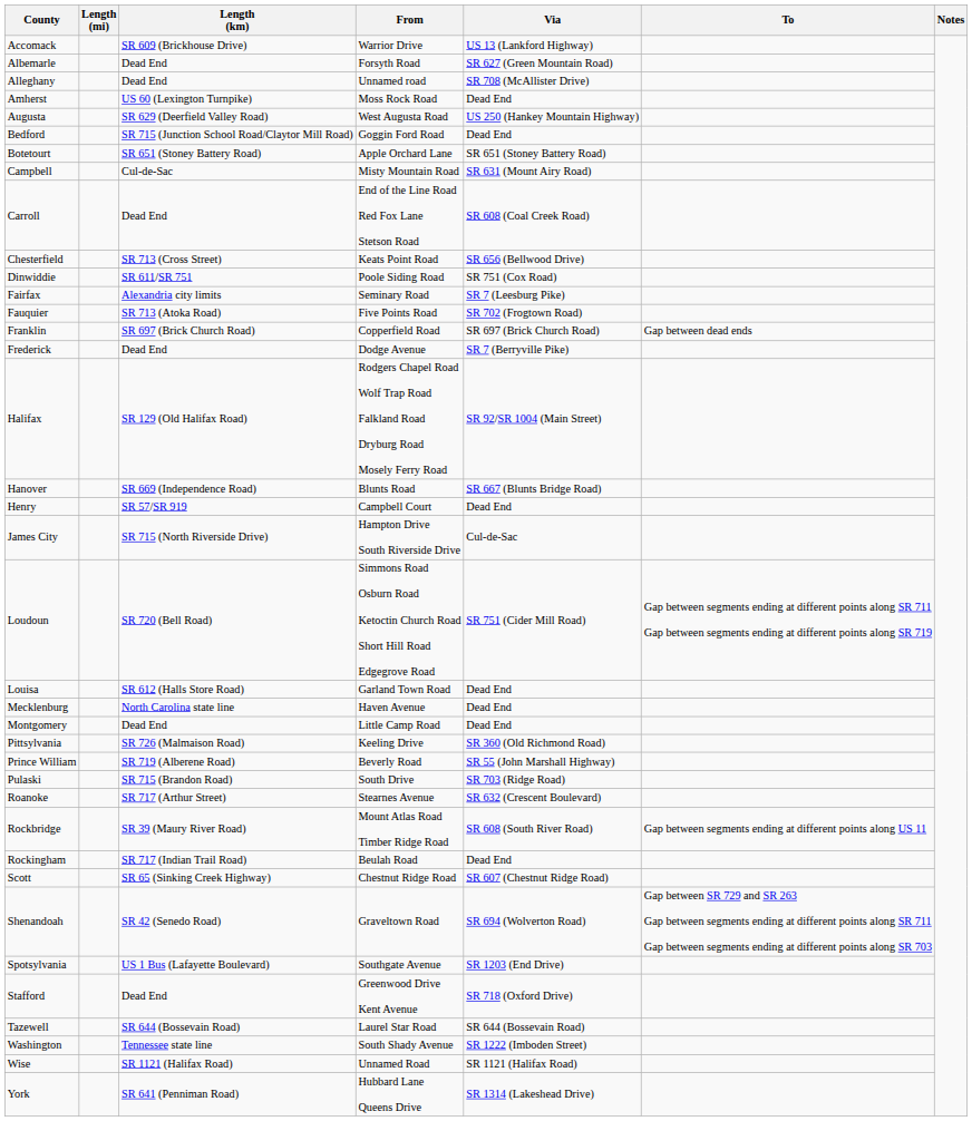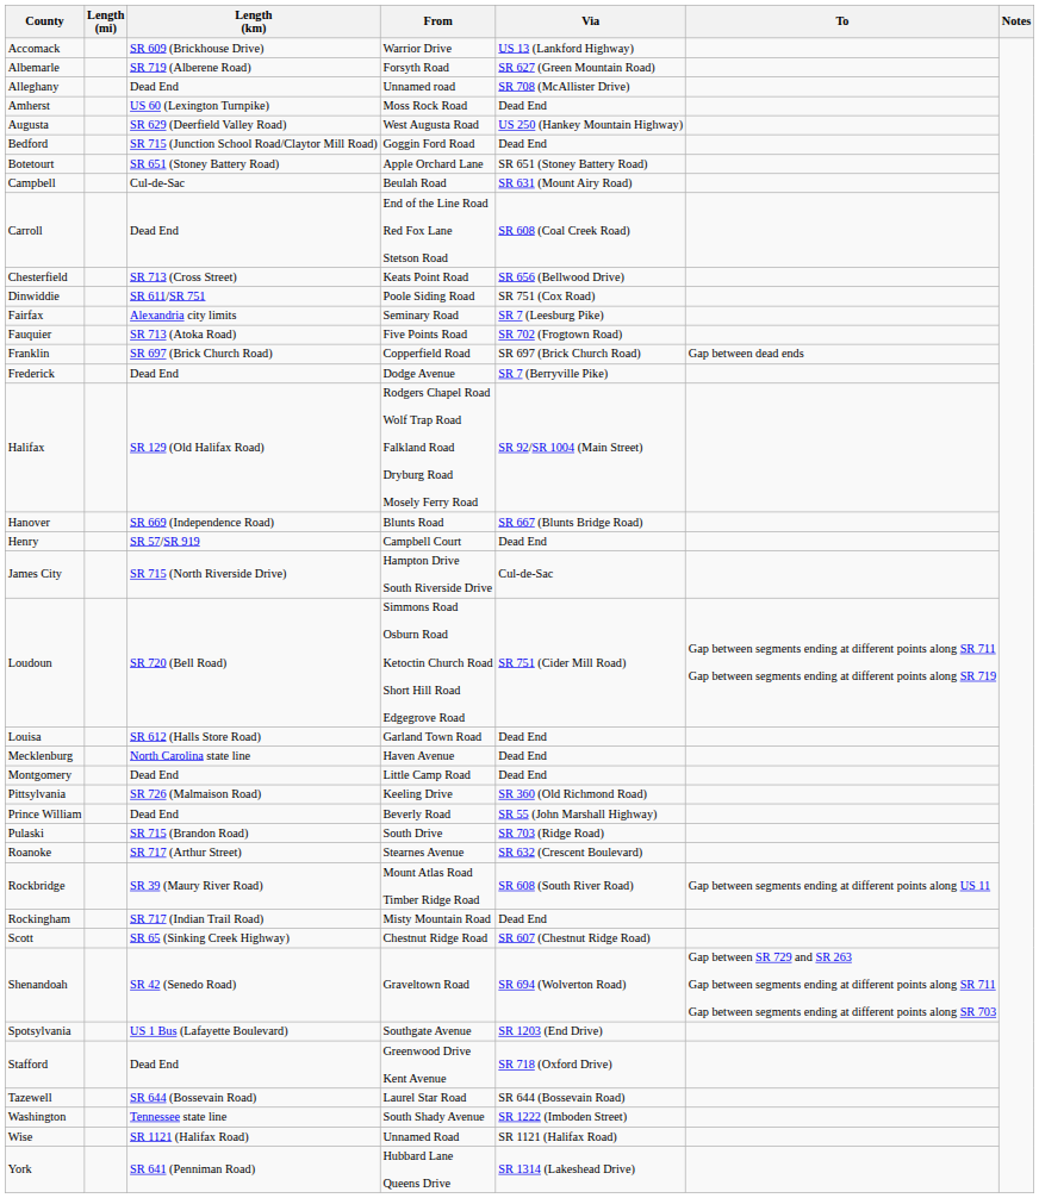 <table class="wikitable sortable">
 <tr>
 <th>County</th>
 <th>Length<br>(mi)</th>
 <th>Length<br>(km)</th>
 <th class="unsortable">From</th>
 <th class="unsortable">Via</th>
 <th class="unsortable">To</th>
 <th class="unsortable">Notes</th>
 </tr>
 <tr>
 <td id="Accomack">Accomack</td>
 <td></td>
 <td><a href='#'>SR 609</a> (Brickhouse Drive)</td>
 <td>Warrior Drive</td>
 <td><a href='#'>US 13</a> (Lankford Highway)</td>
 <td></td>
 </tr>
 <tr>
 <td id="Albemarle">Albemarle</td>
 <td></td>
-<td>Dead End</td>
+<td><a href='#'>SR 719</a> (Alberene Road)</td>
 <td>Forsyth Road</td>
 <td><a href='#'>SR 627</a> (Green Mountain Road)</td>
 <td></td>
 </tr>
 <tr>
 <td id="Alleghany">Alleghany</td>
 <td></td>
 <td>Dead End</td>
 <td>Unnamed road</td>
 <td><a href='#'>SR 708</a> (McAllister Drive)</td>
 <td><br></td>
 </tr>
 <tr>
 <td id="Amherst">Amherst</td>
 <td></td>
 <td><a href='#'>US 60</a> (Lexington Turnpike)</td>
 <td>Moss Rock Road</td>
 <td>Dead End</td>
 <td><br> </td>
 </tr>
 <tr>
 <td id="Augusta">Augusta</td>
 <td></td>
 <td><a href='#'>SR 629</a> (Deerfield Valley Road)</td>
 <td>West Augusta Road</td>
 <td><a href='#'>US 250</a> (Hankey Mountain Highway)</td>
 <td><br></td>
 </tr>
 <tr>
 <td id="Bedford">Bedford</td>
 <td></td>
 <td><a href='#'>SR 715</a> (Junction School Road/Claytor Mill Road)</td>
 <td>Goggin Ford Road</td>
 <td>Dead End</td>
 <td><br></td>
 </tr>
 <tr>
 <td id="Botetourt">Botetourt</td>
 <td></td>
 <td><a href='#'>SR 651</a> (Stoney Battery Road)</td>
 <td>Apple Orchard Lane</td>
 <td>SR 651 (Stoney Battery Road)</td>
 <td><br>  </td>
 </tr>
 <tr>
 <td id="Campbell">Campbell</td>
 <td></td>
 <td>Cul-de-Sac</td>
-<td>Misty Mountain Road</td>
+<td>Beulah Road</td>
 <td><a href='#'>SR 631</a> (Mount Airy Road)</td>
 <td><br></td>
 </tr>
 <tr>
 <td id="Carroll">Carroll</td>
 <td></td>
 <td>Dead End</td>
 <td>End of the Line Road<br><br>Red Fox Lane<br><br>Stetson Road</td>
 <td><a href='#'>SR 608</a> (Coal Creek Road)</td>
 <td><br> </td>
 </tr>
 <tr>
 <td id="Chesterfield">Chesterfield</td>
 <td></td>
 <td><a href='#'>SR 713</a> (Cross Street)</td>
 <td>Keats Point Road</td>
 <td><a href='#'>SR 656</a> (Bellwood Drive)</td>
 <td><br>    </td>
 </tr>
 <tr>
 <td id="Dinwiddie">Dinwiddie</td>
 <td></td>
 <td><a href='#'>SR 611</a>/<a href='#'>SR 751</a></td>
 <td>Poole Siding Road</td>
 <td>SR 751 (Cox Road)</td>
 <td><br></td>
 </tr>
 <tr>
 <td id="Fairfax">Fairfax</td>
 <td></td>
 <td><a href='#'>Alexandria</a> city limits</td>
 <td>Seminary Road</td>
 <td><a href='#'>SR 7</a> (Leesburg Pike)</td>
 <td></td>
 </tr>
 <tr>
 <td id="Fauquier">Fauquier</td>
 <td></td>
 <td><a href='#'>SR 713</a> (Atoka Road)</td>
 <td>Five Points Road</td>
 <td><a href='#'>SR 702</a> (Frogtown Road)</td>
 <td><br> </td>
 </tr>
 <tr>
 <td id="Franklin">Franklin</td>
 <td></td>
 <td><a href='#'>SR 697</a> (Brick Church Road)</td>
 <td>Copperfield Road</td>
 <td>SR 697 (Brick Church Road)</td>
 <td>Gap between dead ends</td>
 </tr>
 <tr>
 <td id="Frederick">Frederick</td>
 <td></td>
 <td>Dead End</td>
 <td>Dodge Avenue</td>
 <td><a href='#'>SR 7</a> (Berryville Pike)</td>
 <td><br>     </td>
 </tr>
 <tr>
 <td id="Halifax">Halifax</td>
 <td></td>
 <td><a href='#'>SR 129</a> (Old Halifax Road)</td>
 <td>Rodgers Chapel Road<br><br>Wolf Trap Road<br><br>Falkland Road<br><br>Dryburg Road<br><br>Mosely Ferry Road</td>
 <td><a href='#'>SR 92</a>/<a href='#'>SR 1004</a> (Main Street)</td>
 <td></td>
 </tr>
 <tr>
 <td id="Hanover">Hanover</td>
 <td></td>
 <td><a href='#'>SR 669</a> (Independence Road)</td>
 <td>Blunts Road</td>
 <td><a href='#'>SR 667</a> (Blunts Bridge Road)</td>
 <td><br></td>
 </tr>
 <tr>
 <td id="Henry">Henry</td>
 <td></td>
 <td><a href='#'>SR 57</a>/<a href='#'>SR 919</a></td>
 <td>Campbell Court</td>
 <td>Dead End</td>
 <td><br> </td>
 </tr>
 <tr>
 <td id="James City">James City</td>
 <td></td>
 <td><a href='#'>SR 715</a> (North Riverside Drive)</td>
 <td>Hampton Drive<br><br>South Riverside Drive</td>
 <td>Cul-de-Sac</td>
 <td><br>    </td>
 </tr>
 <tr>
 <td id="Loudoun">Loudoun</td>
 <td></td>
 <td><a href='#'>SR 720</a> (Bell Road)</td>
 <td>Simmons Road<br><br>Osburn Road<br><br>Ketoctin Church Road<br><br>Short Hill Road<br><br>Edgegrove Road</td>
 <td><a href='#'>SR 751</a> (Cider Mill Road)</td>
 <td>Gap between segments ending at different points along <a href='#'>SR 711</a><br><br>Gap between segments ending at different points along <a href='#'>SR 719</a></td>
 </tr>
 <tr>
 <td id="Louisa">Louisa</td>
 <td></td>
 <td><a href='#'>SR 612</a> (Halls Store Road)</td>
 <td>Garland Town Road</td>
 <td>Dead End</td>
 <td><br>  </td>
 </tr>
 <tr>
 <td id="Mecklenburg">Mecklenburg</td>
 <td></td>
 <td><a href='#'>North Carolina</a> state line</td>
 <td>Haven Avenue</td>
 <td>Dead End</td>
 <td><br></td>
 </tr>
 <tr>
 <td id="Montgomery">Montgomery</td>
 <td></td>
 <td>Dead End</td>
 <td>Little Camp Road</td>
 <td>Dead End</td>
 <td><br>       </td>
 </tr>
 <tr>
 <td id="Pittsylvania">Pittsylvania</td>
 <td></td>
 <td><a href='#'>SR 726</a> (Malmaison Road)</td>
 <td>Keeling Drive</td>
 <td><a href='#'>SR 360</a> (Old Richmond Road)</td>
 <td><br>  </td>
 </tr>
 <tr>
 <td id="Prince William">Prince William</td>
 <td></td>
-<td><a href='#'>SR 719</a> (Alberene Road)</td>
+<td>Dead End</td>
 <td>Beverly Road</td>
 <td><a href='#'>SR 55</a> (John Marshall Highway)</td>
 <td></td>
 </tr>
 <tr>
 <td id="Pulaski">Pulaski</td>
 <td></td>
 <td><a href='#'>SR 715</a> (Brandon Road)</td>
 <td>South Drive</td>
 <td><a href='#'>SR 703</a> (Ridge Road)</td>
 <td><br> </td>
 </tr>
 <tr>
 <td id="Roanoke">Roanoke</td>
 <td></td>
 <td><a href='#'>SR 717</a> (Arthur Street)</td>
 <td>Stearnes Avenue</td>
 <td><a href='#'>SR 632</a> (Crescent Boulevard)</td>
 <td></td>
 </tr>
 <tr>
 <td id="Rockbridge">Rockbridge</td>
 <td></td>
 <td><a href='#'>SR 39</a> (Maury River Road)</td>
 <td>Mount Atlas Road<br><br>Timber Ridge Road</td>
 <td><a href='#'>SR 608</a> (South River Road)</td>
 <td>Gap between segments ending at different points along <a href='#'>US 11</a></td>
 </tr>
 <tr>
 <td id="Rockingham">Rockingham</td>
 <td></td>
 <td><a href='#'>SR 717</a> (Indian Trail Road)</td>
-<td>Beulah Road</td>
+<td>Misty Mountain Road</td>
 <td>Dead End</td>
 <td><br></td>
 </tr>
 <tr>
 <td id="Scott">Scott</td>
 <td></td>
 <td><a href='#'>SR 65</a> (Sinking Creek Highway)</td>
 <td>Chestnut Ridge Road</td>
 <td><a href='#'>SR 607</a> (Chestnut Ridge Road)</td>
 <td></td>
 </tr>
 <tr>
 <td id="Shenandoah">Shenandoah</td>
 <td></td>
 <td><a href='#'>SR 42</a> (Senedo Road)</td>
 <td>Graveltown Road</td>
 <td><a href='#'>SR 694</a> (Wolverton Road)</td>
 <td>Gap between <a href='#'>SR 729</a> and <a href='#'>SR 263</a><br><br>Gap between segments ending at different points along <a href='#'>SR 711</a><br><br>Gap between segments ending at different points along <a href='#'>SR 703</a><br> </td>
 </tr>
 <tr>
 <td id="Spotsylvania">Spotsylvania</td>
 <td></td>
 <td><a href='#'>US 1 Bus</a> (Lafayette Boulevard)</td>
 <td>Southgate Avenue</td>
 <td><a href='#'>SR 1203</a> (End Drive)</td>
 <td></td>
 </tr>
 <tr>
 <td id="Stafford">Stafford</td>
 <td></td>
 <td>Dead End</td>
 <td>Greenwood Drive<br><br>Kent Avenue</td>
 <td><a href='#'>SR 718</a> (Oxford Drive)</td>
 <td><br> </td>
 </tr>
 <tr>
 <td id="Tazewell">Tazewell</td>
 <td></td>
 <td><a href='#'>SR 644</a> (Bossevain Road)</td>
 <td>Laurel Star Road</td>
 <td>SR 644 (Bossevain Road)</td>
 <td><br></td>
 </tr>
 <tr>
 <td id="Washington">Washington</td>
 <td></td>
 <td><a href='#'>Tennessee</a> state line</td>
 <td>South Shady Avenue</td>
 <td><a href='#'>SR 1222</a> (Imboden Street)</td>
 <td><br></td>
 </tr>
 <tr>
 <td id="Wise">Wise</td>
 <td></td>
 <td><a href='#'>SR 1121</a> (Halifax Road)</td>
 <td>Unnamed Road</td>
 <td>SR 1121 (Halifax Road)</td>
 <td><br></td>
 </tr>
 <tr>
 <td id="York">York</td>
 <td></td>
 <td><a href='#'>SR 641</a> (Penniman Road)</td>
 <td>Hubbard Lane<br><br>Queens Drive</td>
 <td><a href='#'>SR 1314</a> (Lakeshead Drive)</td>
 <td></td>
 </tr>
 </table>
